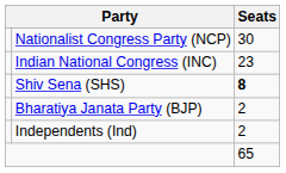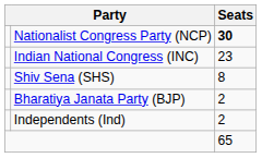 <table class="wikitable">
 <tr>
 <th colspan="2">Party</th>
 <th>Seats</th>
 </tr>
 <tr>
 <td style="background-color:"></td>
 <td><a href='#'>Nationalist Congress Party</a> (NCP)</td>
-<td>30</td>
+<td><strong>30</strong></td>
 </tr>
 <tr>
 <td style="background-color:"></td>
 <td><a href='#'>Indian National Congress</a> (INC)</td>
 <td>23</td>
 </tr>
 <tr>
 <td style="background-color:"></td>
 <td><a href='#'>Shiv Sena</a> (SHS)</td>
-<td><strong>8</strong></td>
+<td>8</td>
 </tr>
 <tr>
 <td style="background-color:"></td>
 <td><a href='#'>Bharatiya Janata Party</a> (BJP)</td>
 <td>2</td>
 </tr>
 <tr>
 <td style="background-color:"></td>
 <td>Independents (Ind)</td>
 <td>2</td>
 </tr>
 <tr>
 <td colspan="2"></td>
 <td>65</td>
 </tr>
 </table>
